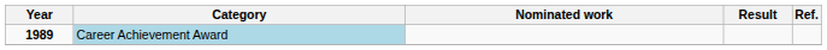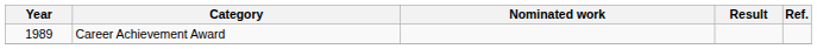 <table class=wikitable>
 <tr>
 <th scope="col" style="width:5em;">Year</th>
 <th scope="col" style="width:26em;">Category</th>
 <th scope="col" style="width:25em;">Nominated work</th>
 <th scope="col" style="width:5em;">Result</th>
 <th>Ref.</th>
 </tr>
 <tr>
-<td style="text-align:center;"><strong>1989</strong></td>
-<td style="background: lightblue;">Career Achievement Award</td>
+<td style="text-align:center;">1989</td>
+<td>Career Achievement Award</td>
 <td></td>
 <td></td>
 <td></td>
 </tr>
 <tr>
 </tr>
 </table>
